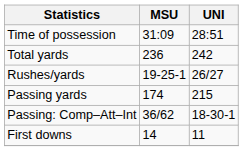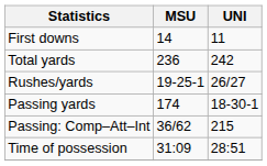 <table class="wikitable" style="float: left;">
 <tr>
 <th>Statistics</th>
 <th>MSU</th>
 <th>UNI</th>
 </tr>
 <tr>
-<td>Time of possession</td>
-<td>31:09</td>
-<td>28:51</td>
+<td>First downs</td>
+<td>14</td>
+<td>11</td>
 </tr>
 <tr>
 <td>Total yards</td>
 <td>236</td>
 <td>242</td>
 </tr>
 <tr>
 <td>Rushes/yards</td>
 <td>19-25-1</td>
 <td>26/27</td>
 </tr>
 <tr>
 <td>Passing yards</td>
 <td>174</td>
-<td>215</td>
+<td>18-30-1</td>
 </tr>
 <tr>
 <td>Passing: Comp–Att–Int</td>
 <td>36/62</td>
-<td>18-30-1</td>
+<td>215</td>
 </tr>
 <tr>
-<td>First downs</td>
-<td>14</td>
-<td>11</td>
+<td>Time of possession</td>
+<td>31:09</td>
+<td>28:51</td>
 </tr>
 <tr>
 </tr>
 </table>
